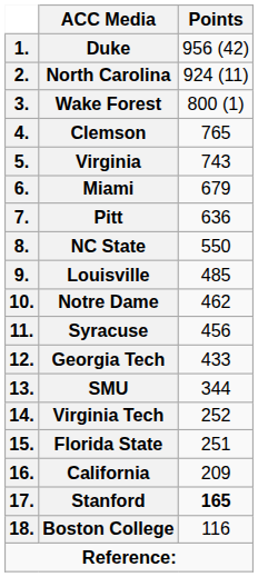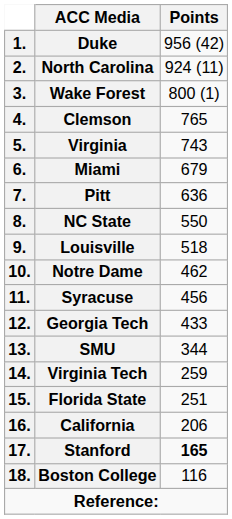 <table class="wikitable" style="white-space:nowrap; font-size:90%;">
 <tr>
 <td ! colspan=1 style="background:white; border-top-style:hidden; border-left-style:hidden;"></td>
 <th>ACC Media</th>
 <th>Points</th>
 </tr>
 <tr>
 <th>1.</th>
 <th>Duke</th>
 <td align="center">956 (42)</td>
 </tr>
 <tr>
 <th>2.</th>
 <th>North Carolina</th>
 <td align="center">924 (11)</td>
 </tr>
 <tr>
 <th>3.</th>
 <th>Wake Forest</th>
 <td align="center">800 (1)</td>
 </tr>
 <tr>
 <th>4.</th>
 <th>Clemson</th>
 <td align="center">765</td>
 </tr>
 <tr>
 <th>5.</th>
 <th>Virginia</th>
 <td align="center">743</td>
 </tr>
 <tr>
 <th>6.</th>
 <th>Miami</th>
 <td align="center">679</td>
 </tr>
 <tr>
 <th>7.</th>
 <th>Pitt</th>
 <td align="center">636</td>
 </tr>
 <tr>
 <th>8.</th>
 <th>NC State</th>
 <td align="center">550</td>
 </tr>
 <tr>
 <th>9.</th>
 <th>Louisville</th>
-<td align="center">485</td>
+<td align="center">518</td>
 </tr>
 <tr>
 <th>10.</th>
 <th>Notre Dame</th>
 <td align="center">462</td>
 </tr>
 <tr>
 <th>11.</th>
 <th>Syracuse</th>
 <td align="center">456</td>
 </tr>
 <tr>
 <th>12.</th>
 <th>Georgia Tech</th>
 <td align="center">433</td>
 </tr>
 <tr>
 <th>13.</th>
 <th>SMU</th>
 <td align="center">344</td>
 </tr>
 <tr>
 <th>14.</th>
 <th>Virginia Tech</th>
-<td align="center">252</td>
+<td align="center">259</td>
 </tr>
 <tr>
 <th>15.</th>
 <th style=>Florida State</th>
 <td align="center">251</td>
 </tr>
 <tr>
 <th>16.</th>
 <th>California</th>
-<td align="center">209</td>
+<td align="center">206</td>
 </tr>
 <tr>
 <th>17.</th>
 <th>Stanford</th>
 <td align="center"><strong>165</strong></td>
 </tr>
 <tr>
 <th>18.</th>
 <th>Boston College</th>
 <td align="center">116</td>
 </tr>
 <tr>
 <td colspan="4"  style="font-size:11pt; text-align:center;"><strong>Reference:</strong><br><em></em></td>
 </tr>
 </table>
